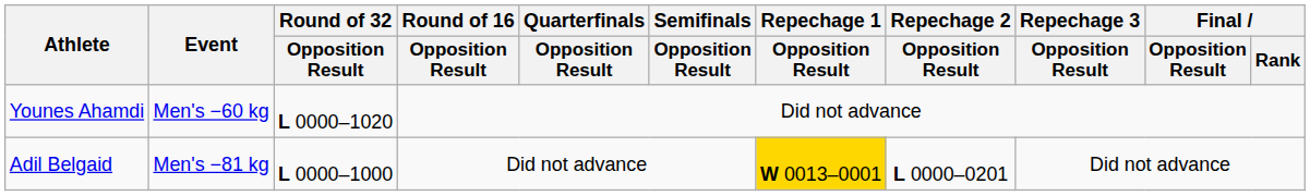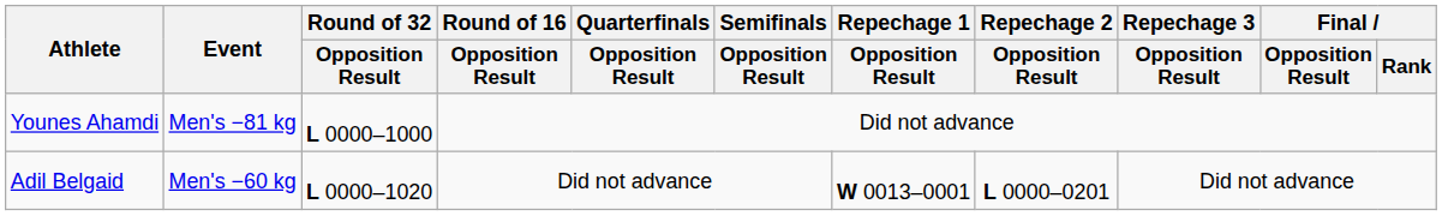 <table class="wikitable" style="font-size:90%">
 <tr>
 <th rowspan="2">Athlete</th>
 <th rowspan="2">Event</th>
 <th>Round of 32</th>
 <th>Round of 16</th>
 <th>Quarterfinals</th>
 <th>Semifinals</th>
 <th>Repechage 1</th>
 <th>Repechage 2</th>
 <th>Repechage 3</th>
 <th colspan=2>Final / </th>
 </tr>
 <tr style="font-size:95%">
 <th>Opposition<br>Result</th>
 <th>Opposition<br>Result</th>
 <th>Opposition<br>Result</th>
 <th>Opposition<br>Result</th>
 <th>Opposition<br>Result</th>
 <th>Opposition<br>Result</th>
 <th>Opposition<br>Result</th>
 <th>Opposition<br>Result</th>
 <th>Rank</th>
 </tr>
 <tr align=center>
 <td align=left><a href='#'>Younes Ahamdi</a></td>
-<td align=left><a href='#'>Men's −60 kg</a></td>
-<td><br><strong>L</strong> 0000–1020</td>
+<td align=left><a href='#'>Men's −81 kg</a></td>
+<td><br><strong>L</strong> 0000–1000</td>
 <td colspan=8>Did not advance</td>
 </tr>
 <tr align=center>
 <td align=left><a href='#'>Adil Belgaid</a></td>
-<td align=left><a href='#'>Men's −81 kg</a></td>
-<td><br><strong>L</strong> 0000–1000</td>
+<td align=left><a href='#'>Men's −60 kg</a></td>
+<td><br><strong>L</strong> 0000–1020</td>
 <td colspan=3>Did not advance</td>
-<td style="background: gold;"><br><strong>W</strong> 0013–0001</td>
+<td><br><strong>W</strong> 0013–0001</td>
 <td><br><strong>L</strong> 0000–0201</td>
 <td colspan=3>Did not advance</td>
 </tr>
 </table>
